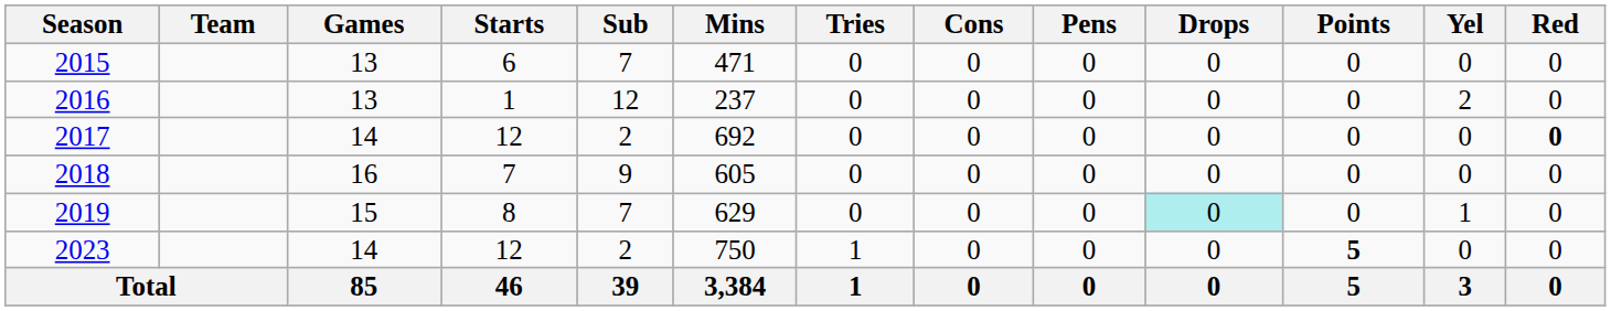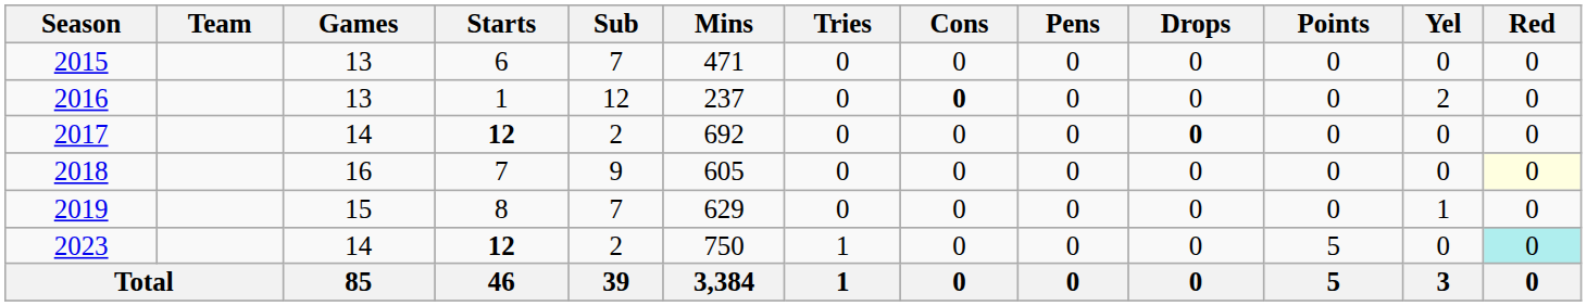 <table class="wikitable" style="text-align:center; line-height:90%; font-size:95%; width:70%;">
 <tr>
 <th>Season</th>
 <th>Team</th>
 <th>Games</th>
 <th>Starts</th>
 <th>Sub</th>
 <th>Mins</th>
 <th>Tries</th>
 <th>Cons</th>
 <th>Pens</th>
 <th>Drops</th>
 <th>Points</th>
 <th>Yel</th>
 <th>Red</th>
 </tr>
 <tr>
 <td><a href='#'>2015</a></td>
 <td></td>
 <td>13</td>
 <td>6</td>
 <td>7</td>
 <td>471</td>
 <td>0</td>
 <td>0</td>
 <td>0</td>
 <td>0</td>
 <td>0</td>
 <td>0</td>
 <td>0</td>
 </tr>
 <tr>
 <td><a href='#'>2016</a></td>
 <td></td>
 <td>13</td>
 <td>1</td>
 <td>12</td>
 <td>237</td>
 <td>0</td>
-<td>0</td>
+<td><strong>0</strong></td>
 <td>0</td>
 <td>0</td>
 <td>0</td>
 <td>2</td>
 <td>0</td>
 </tr>
 <tr>
 <td><a href='#'>2017</a></td>
 <td></td>
 <td>14</td>
-<td>12</td>
+<td><strong>12</strong></td>
 <td>2</td>
 <td>692</td>
 <td>0</td>
 <td>0</td>
 <td>0</td>
+<td><strong>0</strong></td>
 <td>0</td>
 <td>0</td>
 <td>0</td>
-<td><strong>0</strong></td>
 </tr>
 <tr>
 <td><a href='#'>2018</a></td>
 <td></td>
 <td>16</td>
 <td>7</td>
 <td>9</td>
 <td>605</td>
 <td>0</td>
 <td>0</td>
 <td>0</td>
 <td>0</td>
 <td>0</td>
 <td>0</td>
-<td>0</td>
+<td style="background: lightyellow;">0</td>
 </tr>
 <tr>
 <td><a href='#'>2019</a></td>
 <td></td>
 <td>15</td>
 <td>8</td>
 <td>7</td>
 <td>629</td>
 <td>0</td>
 <td>0</td>
 <td>0</td>
-<td style="background: paleturquoise;">0</td>
+<td>0</td>
 <td>0</td>
 <td>1</td>
 <td>0</td>
 </tr>
 <tr>
 <td><a href='#'>2023</a></td>
 <td></td>
 <td>14</td>
-<td>12</td>
+<td><strong>12</strong></td>
 <td>2</td>
 <td>750</td>
 <td>1</td>
 <td>0</td>
 <td>0</td>
 <td>0</td>
-<td><strong>5</strong></td>
+<td>5</td>
 <td>0</td>
-<td>0</td>
+<td style="background: paleturquoise;">0</td>
 </tr>
 <tr>
 <th colspan="2">Total</th>
 <th>85</th>
 <th>46</th>
 <th>39</th>
 <th>3,384</th>
 <th>1</th>
 <th>0</th>
 <th>0</th>
 <th>0</th>
 <th>5</th>
 <th>3</th>
 <th>0</th>
 </tr>
 </table>
